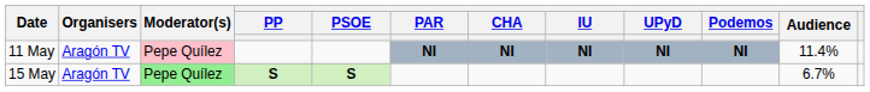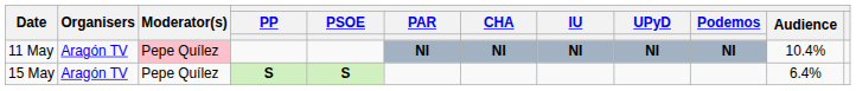 <table class="wikitable" style="text-align:center;">
 <tr>
 <th rowspan="3">Date</th>
 <th rowspan="3">Organisers</th>
 <th rowspan="3">Moderator(s)</th>
 <th colspan="9">      </th>
 </tr>
 <tr>
 <th scope="col" style="width:5em;"><a href='#'>PP</a></th>
 <th scope="col" style="width:5em;"><a href='#'>PSOE</a></th>
 <th scope="col" style="width:5em;"><a href='#'>PAR</a></th>
 <th scope="col" style="width:5em;"><a href='#'>CHA</a></th>
 <th scope="col" style="width:5em;"><a href='#'>IU</a></th>
 <th scope="col" style="width:5em;"><a href='#'>UPyD</a></th>
 <th scope="col" style="width:5em;"><a href='#'>Podemos</a></th>
 <th rowspan="2" scope="col" style="width:5em;">Audience</th>
 <th rowspan="2"></th>
 </tr>
 <tr>
 <th style="color:inherit;background:"></th>
 <th style="color:inherit;background:"></th>
 <th style="color:inherit;background:"></th>
 <th style="color:inherit;background:"></th>
 <th style="color:inherit;background:"></th>
 <th style="color:inherit;background:"></th>
 <th style="color:inherit;background:"></th>
 </tr>
 <tr>
 <td style="white-space:nowrap; text-align:left;">11 May</td>
 <td style="white-space:nowrap; text-align:left;"><a href='#'>Aragón TV</a></td>
 <td style="background: pink; white-space:nowrap; text-align:left;">Pepe Quílez</td>
 <td></td>
 <td></td>
 <td style="background:#A2B2C2;"><strong>NI</strong></td>
 <td style="background:#A2B2C2;"><strong>NI</strong></td>
 <td style="background:#A2B2C2;"><strong>NI</strong></td>
 <td style="background:#A2B2C2;"><strong>NI</strong></td>
 <td style="background:#A2B2C2;"><strong>NI</strong></td>
-<td>11.4%<br></td>
+<td>10.4%<br></td>
 <td><br></td>
 </tr>
 <tr>
 <td style="white-space:nowrap; text-align:left;">15 May</td>
 <td style="white-space:nowrap; text-align:left;"><a href='#'>Aragón TV</a></td>
-<td style="background: lightgreen; white-space:nowrap; text-align:left;">Pepe Quílez</td>
+<td style="white-space:nowrap; text-align:left;">Pepe Quílez</td>
 <td style="background:#D0F0C0;"><strong>S</strong><br></td>
 <td style="background:#D0F0C0;"><strong>S</strong><br></td>
 <td></td>
 <td></td>
 <td></td>
 <td></td>
 <td></td>
-<td>6.7%<br></td>
+<td>6.4%<br></td>
 <td><br></td>
 </tr>
 </table>
